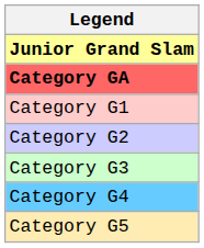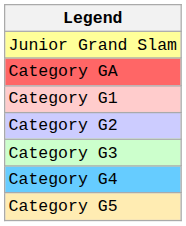 <table class="sortable wikitable">
 <tr>
 <th>Legend</th>
 </tr>
 <tr style="background:#ff9;">
-<td><strong>Junior Grand Slam</strong></td>
+<td>Junior Grand Slam</td>
 </tr>
 <tr style="background:#f66;">
-<td><strong>Category GA</strong></td>
+<td>Category GA</td>
 </tr>
 <tr style="background:#fcc;">
 <td>Category G1</td>
 </tr>
 <tr style="background:#ccf;">
 <td>Category G2</td>
 </tr>
 <tr style="background:#cfc;">
 <td>Category G3</td>
 </tr>
 <tr style="background:#6cf;">
 <td>Category G4</td>
 </tr>
 <tr style="background:#ffecb2;">
 <td>Category G5</td>
 </tr>
 </table>
